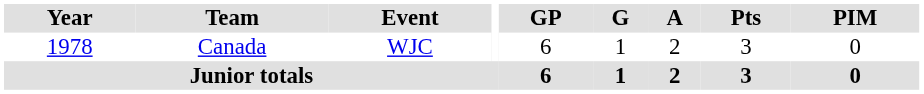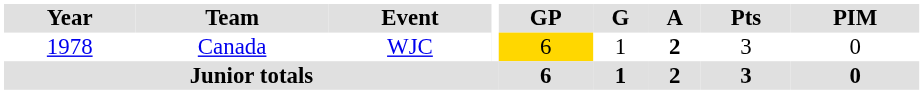 <table border="0" cellpadding="1" cellspacing="0" ID="Table3" style="text-align:center; width:40em">
 <tr bgcolor="#e0e0e0">
 <th>Year</th>
 <th>Team</th>
 <th>Event</th>
 <th rowspan="102" bgcolor="#ffffff"></th>
 <th>GP</th>
 <th>G</th>
 <th>A</th>
 <th>Pts</th>
 <th>PIM</th>
 </tr>
 <tr>
 <td><a href='#'>1978</a></td>
 <td><a href='#'>Canada</a></td>
 <td><a href='#'>WJC</a></td>
-<td>6</td>
+<td style="background: gold;">6</td>
 <td>1</td>
-<td>2</td>
+<td><strong>2</strong></td>
 <td>3</td>
 <td>0</td>
 </tr>
 <tr bgcolor="#e0e0e0">
 <th colspan="4">Junior totals</th>
 <th>6</th>
 <th>1</th>
 <th>2</th>
 <th>3</th>
 <th>0</th>
 </tr>
 </table>
